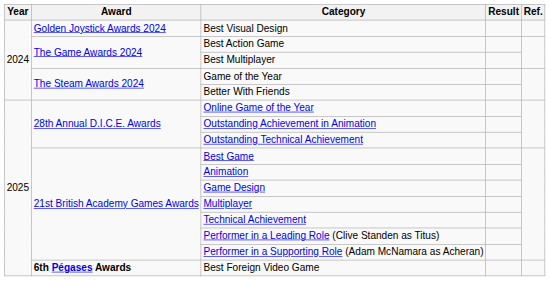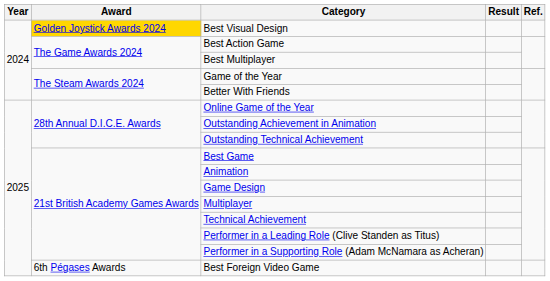 <table class="wikitable sortable">
 <tr>
 <th scope="col">Year</th>
 <th scope="col">Award</th>
 <th scope="col">Category</th>
 <th scope="col">Result</th>
 <th scope="col" class="unsortable">Ref.</th>
 </tr>
 <tr>
 <td rowspan="5" style="text-align:center;">2024</td>
-<td><a href='#'>Golden Joystick Awards 2024</a></td>
+<td style="background: gold;"><a href='#'>Golden Joystick Awards 2024</a></td>
 <td>Best Visual Design</td>
 <td></td>
 <td rowspan="1" style="text-align:center;"></td>
 </tr>
 <tr>
 <td rowspan="2"><a href='#'>The Game Awards 2024</a></td>
 <td>Best Action Game</td>
 <td></td>
 <td rowspan="2" style="text-align:center;"></td>
 </tr>
 <tr>
 <td>Best Multiplayer</td>
 <td></td>
 </tr>
 <tr>
 <td rowspan="2"><a href='#'>The Steam Awards 2024</a></td>
 <td>Game of the Year</td>
 <td></td>
 <td rowspan="2" style="text-align:center;"></td>
 </tr>
 <tr>
 <td>Better With Friends</td>
 <td></td>
 </tr>
 <tr>
 <td rowspan="11">2025</td>
 <td rowspan="3"><a href='#'>28th Annual D.I.C.E. Awards</a></td>
 <td><a href='#'>Online Game of the Year</a></td>
 <td></td>
 <td rowspan="3" style="text-align:center;"></td>
 </tr>
 <tr>
 <td><a href='#'>Outstanding Achievement in Animation</a></td>
 <td></td>
 </tr>
 <tr>
 <td><a href='#'>Outstanding Technical Achievement</a></td>
 <td></td>
 </tr>
 <tr>
 <td rowspan="7"><a href='#'>21st British Academy Games Awards</a></td>
 <td><a href='#'>Best Game</a></td>
 <td></td>
 <td align="center" rowspan="7"></td>
 </tr>
 <tr>
 <td><a href='#'>Animation</a></td>
 <td></td>
 </tr>
 <tr>
 <td><a href='#'>Game Design</a></td>
 <td></td>
 </tr>
 <tr>
 <td><a href='#'>Multiplayer</a></td>
 <td></td>
 </tr>
 <tr>
 <td><a href='#'>Technical Achievement</a></td>
 <td></td>
 </tr>
 <tr>
 <td><a href='#'>Performer in a Leading Role</a> (Clive Standen as Titus)</td>
 <td></td>
 </tr>
 <tr>
 <td><a href='#'>Performer in a Supporting Role</a> (Adam McNamara as Acheran)</td>
 <td></td>
 </tr>
 <tr>
-<td><strong>6th <a href='#'>Pégases</a> Awards</strong></td>
+<td>6th <a href='#'>Pégases</a> Awards</td>
 <td>Best Foreign Video Game</td>
 <td></td>
 <td></td>
 </tr>
 </table>
